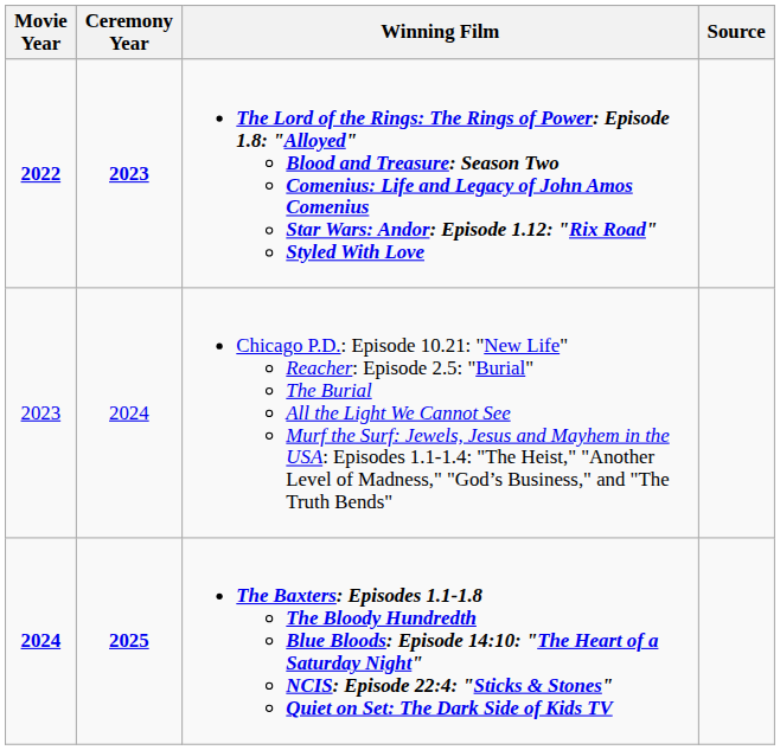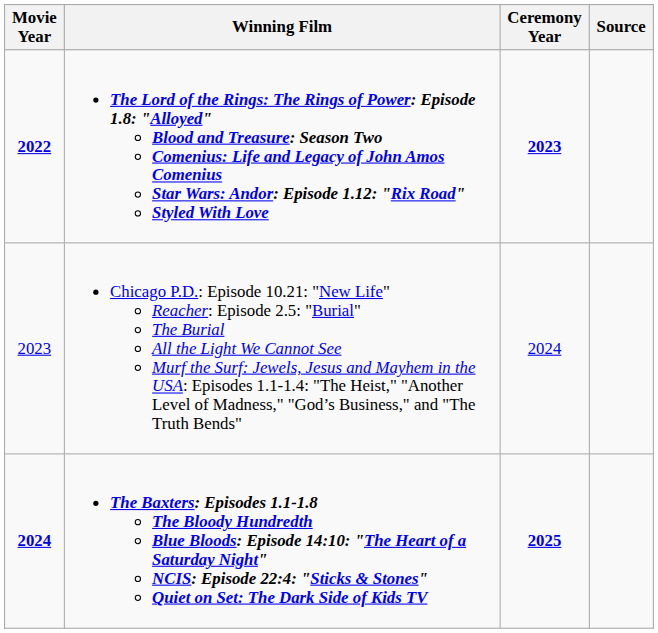 <table class="wikitable" style="width:70%">
 <tr bgcolor="#bebebe">
 <th width="5%">Movie Year</th>
+<th width="55%">Winning Film</th>
 <th width="5%">Ceremony Year</th>
-<th width="55%">Winning Film</th>
 <th width="5%">Source</th>
 </tr>
 <tr>
 <td style="text-align:center"><strong><a href='#'>2022</a></strong></td>
+<td><br><ul><li><strong><em><a href='#'>The Lord of the Rings: The Rings of Power</a><em>: Episode 1.8: "<a href='#'>Alloyed</a>"<strong><ul><li></em><a href='#'>Blood and Treasure</a><em>: Season Two</li><li></em><a href='#'>Comenius: Life and Legacy of John Amos Comenius</a><em></li><li></em><a href='#'>Star Wars: Andor</a><em>: Episode 1.12: "<a href='#'>Rix Road</a>"</li><li></em><a href='#'>Styled With Love</a><em></li></ul></li></ul></td>
 <td style="text-align:center"><strong><a href='#'>2023</a></strong></td>
-<td><br><ul><li><strong><em><a href='#'>The Lord of the Rings: The Rings of Power</a><em>: Episode 1.8: "<a href='#'>Alloyed</a>"<strong><ul><li></em><a href='#'>Blood and Treasure</a><em>: Season Two</li><li></em><a href='#'>Comenius: Life and Legacy of John Amos Comenius</a><em></li><li></em><a href='#'>Star Wars: Andor</a><em>: Episode 1.12: "<a href='#'>Rix Road</a>"</li><li></em><a href='#'>Styled With Love</a><em></li></ul></li></ul></td>
 <td style="text-align:center"></td>
 </tr>
 <tr>
 <td style="text-align:center"></strong><a href='#'>2023</a><strong></td>
+<td><br><ul><li></em></strong><a href='#'>Chicago P.D.</a></em>: Episode 10.21: "<a href='#'>New Life</a>"</strong><ul><li><em><a href='#'>Reacher</a></em>: Episode 2.5: "<a href='#'>Burial</a>"</li><li><em><a href='#'>The Burial</a></em></li><li><em><a href='#'>All the Light We Cannot See</a></em></li><li><em><a href='#'>Murf the Surf: Jewels, Jesus and Mayhem in the USA</a></em>: Episodes 1.1-1.4: "The Heist," "Another Level of Madness," "God’s Business," and "The Truth Bends"</li></ul></li></ul></td>
 <td style="text-align:center"></strong><a href='#'>2024</a><strong></td>
-<td><br><ul><li></em></strong><a href='#'>Chicago P.D.</a></em>: Episode 10.21: "<a href='#'>New Life</a>"</strong><ul><li><em><a href='#'>Reacher</a></em>: Episode 2.5: "<a href='#'>Burial</a>"</li><li><em><a href='#'>The Burial</a></em></li><li><em><a href='#'>All the Light We Cannot See</a></em></li><li><em><a href='#'>Murf the Surf: Jewels, Jesus and Mayhem in the USA</a></em>: Episodes 1.1-1.4: "The Heist," "Another Level of Madness," "God’s Business," and "The Truth Bends"</li></ul></li></ul></td>
 <td style="text-align:center"></td>
 </tr>
 <tr>
 <td style="text-align:center"><strong><a href='#'>2024</a></strong></td>
+<td><br><ul><li><strong><em><a href='#'>The Baxters</a><em>: Episodes 1.1-1.8<strong><ul><li></em><a href='#'>The Bloody Hundredth</a><em></li><li></em><a href='#'>Blue Bloods</a><em>: Episode 14:10: "<a href='#'>The Heart of a Saturday Night</a>"</li><li></em><a href='#'>NCIS</a><em>: Episode 22:4: "<a href='#'>Sticks & Stones</a>"</li><li></em><a href='#'>Quiet on Set: The Dark Side of Kids TV</a><em></li></ul></li></ul></td>
 <td style="text-align:center"><strong><a href='#'>2025</a></strong></td>
-<td><br><ul><li><strong><em><a href='#'>The Baxters</a><em>: Episodes 1.1-1.8<strong><ul><li></em><a href='#'>The Bloody Hundredth</a><em></li><li></em><a href='#'>Blue Bloods</a><em>: Episode 14:10: "<a href='#'>The Heart of a Saturday Night</a>"</li><li></em><a href='#'>NCIS</a><em>: Episode 22:4: "<a href='#'>Sticks & Stones</a>"</li><li></em><a href='#'>Quiet on Set: The Dark Side of Kids TV</a><em></li></ul></li></ul></td>
 <td style="text-align:center"></td>
 </tr>
 </table>
